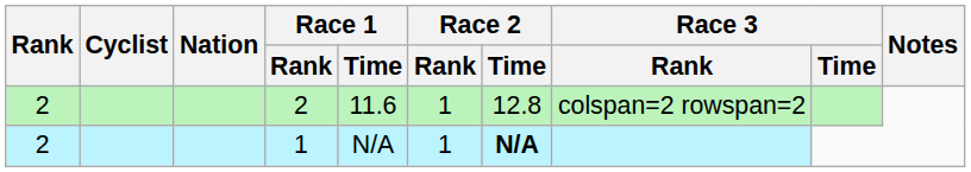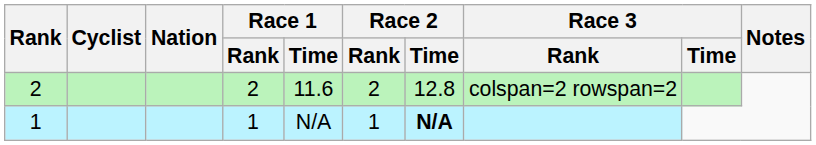 <table class="wikitable sortable" style="text-align:center">
 <tr>
 <th rowspan=2>Rank</th>
 <th rowspan=2>Cyclist</th>
 <th rowspan=2>Nation</th>
 <th colspan=2>Race 1</th>
 <th colspan=2>Race 2</th>
 <th colspan=2>Race 3</th>
 <th rowspan=2>Notes</th>
 </tr>
 <tr>
 <th>Rank</th>
 <th>Time</th>
 <th>Rank</th>
 <th>Time</th>
 <th>Rank</th>
 <th>Time</th>
 </tr>
 <tr bgcolor=bbf3bb>
 <td>2</td>
 <td align=left></td>
 <td align=left></td>
 <td>2</td>
 <td>11.6</td>
-<td>1</td>
+<td>2</td>
 <td>12.8</td>
 <td>colspan=2 rowspan=2 </td>
 <td></td>
 </tr>
 <tr bgcolor=bbf3ff>
-<td>2</td>
+<td>1</td>
 <td align=left></td>
 <td align=left></td>
 <td>1</td>
 <td>N/A</td>
 <td>1</td>
 <td><strong>N/A</strong></td>
 <td></td>
 </tr>
 </table>
